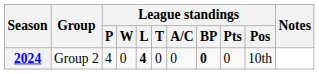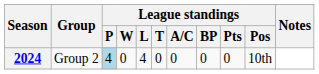 <table class="wikitable sortable">
 <tr>
 <th scope="col" rowspan="2">Season</th>
 <th scope="col" rowspan="2">Group</th>
 <th scope="col" colspan="8">League standings</th>
 <th scope="col" rowspan="2">Notes</th>
 </tr>
 <tr>
 <th scope="col">P</th>
 <th scope="col">W</th>
 <th scope="col">L</th>
 <th scope="col">T</th>
 <th scope="col">A/C</th>
 <th scope="col">BP</th>
 <th scope="col">Pts</th>
 <th scope="col">Pos</th>
 </tr>
 <tr>
 <th scope="row"><a href='#'>2024</a></th>
 <td>Group 2</td>
+<td style="background: lightblue;">4</td>
+<td>0</td>
 <td>4</td>
 <td>0</td>
-<td><strong>4</strong></td>
 <td>0</td>
 <td>0</td>
-<td><strong>0</strong></td>
 <td>0</td>
 <td>10th</td>
 <td style="background: white;"></td>
 </tr>
 </table>
